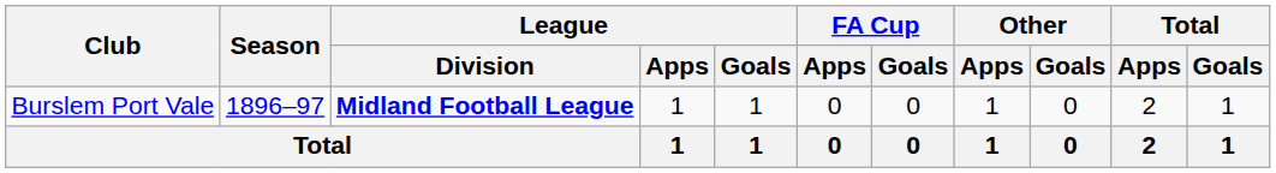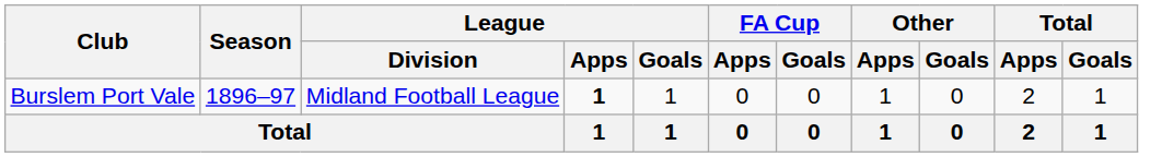 <table class="wikitable" style="text-align:center">
 <tr>
 <th rowspan="2">Club</th>
 <th rowspan="2">Season</th>
 <th colspan="3">League</th>
 <th colspan="2"><a href='#'>FA Cup</a></th>
 <th colspan="2">Other</th>
 <th colspan="2">Total</th>
 </tr>
 <tr>
 <th>Division</th>
 <th>Apps</th>
 <th>Goals</th>
 <th>Apps</th>
 <th>Goals</th>
 <th>Apps</th>
 <th>Goals</th>
 <th>Apps</th>
 <th>Goals</th>
 </tr>
 <tr>
 <td><a href='#'>Burslem Port Vale</a></td>
 <td><a href='#'>1896–97</a></td>
-<td><strong><a href='#'>Midland Football League</a></strong></td>
-<td>1</td>
+<td><a href='#'>Midland Football League</a></td>
+<td><strong>1</strong></td>
 <td>1</td>
 <td>0</td>
 <td>0</td>
 <td>1</td>
 <td>0</td>
 <td>2</td>
 <td>1</td>
 </tr>
 <tr>
 <th colspan="3">Total</th>
 <th>1</th>
 <th>1</th>
 <th>0</th>
 <th>0</th>
 <th>1</th>
 <th>0</th>
 <th>2</th>
 <th>1</th>
 </tr>
 </table>
